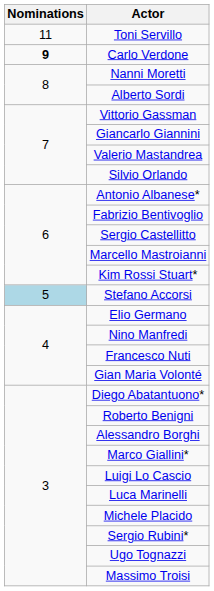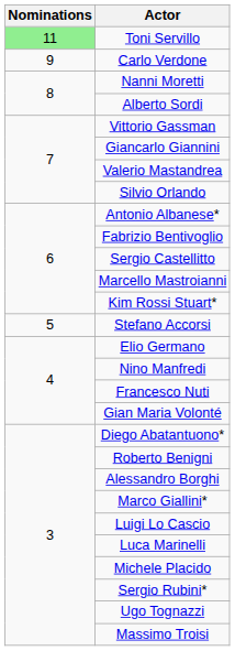 <table class="wikitable" style="text-align: center;">
 <tr>
 <th scope="col" width="30">Nominations</th>
 <th scope="col" align="center">Actor</th>
 </tr>
 <tr>
-<td style="text-align:center;">11</td>
+<td style="background: lightgreen; text-align:center;">11</td>
 <td><a href='#'>Toni Servillo</a></td>
 </tr>
 <tr>
-<td style="text-align:center;"><strong>9</strong></td>
+<td style="text-align:center;">9</td>
 <td><a href='#'>Carlo Verdone</a></td>
 </tr>
 <tr>
 <td rowspan="2" style="text-align:center;">8</td>
 <td><a href='#'>Nanni Moretti</a></td>
 </tr>
 <tr>
 <td><a href='#'>Alberto Sordi</a></td>
 </tr>
 <tr>
 <td rowspan="4" style="text-align:center;">7</td>
 <td><a href='#'>Vittorio Gassman</a></td>
 </tr>
 <tr>
 <td><a href='#'>Giancarlo Giannini</a></td>
 </tr>
 <tr>
 <td><a href='#'>Valerio Mastandrea</a></td>
 </tr>
 <tr>
 <td><a href='#'>Silvio Orlando</a></td>
 </tr>
 <tr>
 <td rowspan="5" style="text-align:center;">6</td>
 <td><a href='#'>Antonio Albanese</a>*</td>
 </tr>
 <tr>
 <td><a href='#'>Fabrizio Bentivoglio</a></td>
 </tr>
 <tr>
 <td><a href='#'>Sergio Castellitto</a></td>
 </tr>
 <tr>
 <td><a href='#'>Marcello Mastroianni</a></td>
 </tr>
 <tr>
 <td><a href='#'>Kim Rossi Stuart</a>*</td>
 </tr>
 <tr>
-<td style="background: lightblue; text-align:center;">5</td>
+<td style="text-align:center;">5</td>
 <td><a href='#'>Stefano Accorsi</a></td>
 </tr>
 <tr>
 <td rowspan="4" style="text-align:center;">4</td>
 <td><a href='#'>Elio Germano</a></td>
 </tr>
 <tr>
 <td><a href='#'>Nino Manfredi</a></td>
 </tr>
 <tr>
 <td><a href='#'>Francesco Nuti</a></td>
 </tr>
 <tr>
 <td><a href='#'>Gian Maria Volonté</a></td>
 </tr>
 <tr>
 <td rowspan="10" style="text-align:center;">3</td>
 <td><a href='#'>Diego Abatantuono</a>*</td>
 </tr>
 <tr>
 <td><a href='#'>Roberto Benigni</a></td>
 </tr>
 <tr>
 <td><a href='#'>Alessandro Borghi</a></td>
 </tr>
 <tr>
 <td><a href='#'>Marco Giallini</a>*</td>
 </tr>
 <tr>
 <td><a href='#'>Luigi Lo Cascio</a></td>
 </tr>
 <tr>
 <td><a href='#'>Luca Marinelli</a></td>
 </tr>
 <tr>
 <td><a href='#'>Michele Placido</a></td>
 </tr>
 <tr>
 <td><a href='#'>Sergio Rubini</a>*</td>
 </tr>
 <tr>
 <td><a href='#'>Ugo Tognazzi</a></td>
 </tr>
 <tr>
 <td><a href='#'>Massimo Troisi</a></td>
 </tr>
 </table>
